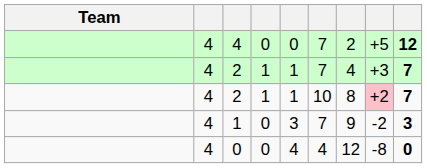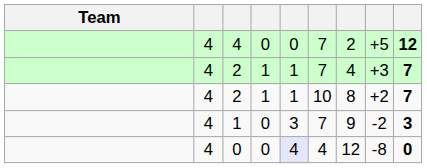 <table class="wikitable" style="text-align:center;">
 <tr>
 <th width="175">Team</th>
 <th width="20"></th>
 <th width="20"></th>
 <th width="20"></th>
 <th width="20"></th>
 <th width="20"></th>
 <th width="20"></th>
 <th width="20"></th>
 <th width="20"></th>
 </tr>
 <tr bgcolor="#ccffcc">
 <td align=left></td>
 <td>4</td>
 <td>4</td>
 <td>0</td>
 <td>0</td>
 <td>7</td>
 <td>2</td>
 <td>+5</td>
 <td><strong>12</strong></td>
 </tr>
 <tr bgcolor="#ccffcc">
 <td align=left></td>
 <td>4</td>
 <td>2</td>
 <td>1</td>
 <td>1</td>
 <td>7</td>
 <td>4</td>
 <td>+3</td>
 <td><strong>7</strong></td>
 </tr>
 <tr>
 <td align=left></td>
 <td>4</td>
 <td>2</td>
 <td>1</td>
 <td>1</td>
 <td>10</td>
 <td>8</td>
-<td style="background: pink;">+2</td>
+<td>+2</td>
 <td><strong>7</strong></td>
 </tr>
 <tr>
 <td align=left></td>
 <td>4</td>
 <td>1</td>
 <td>0</td>
 <td>3</td>
 <td>7</td>
 <td>9</td>
 <td>-2</td>
 <td><strong>3</strong></td>
 </tr>
 <tr>
 <td align=left></td>
 <td>4</td>
 <td>0</td>
 <td>0</td>
-<td>4</td>
+<td style="background: lavender;">4</td>
 <td>4</td>
 <td>12</td>
 <td>-8</td>
 <td><strong>0</strong></td>
 </tr>
 </table>
